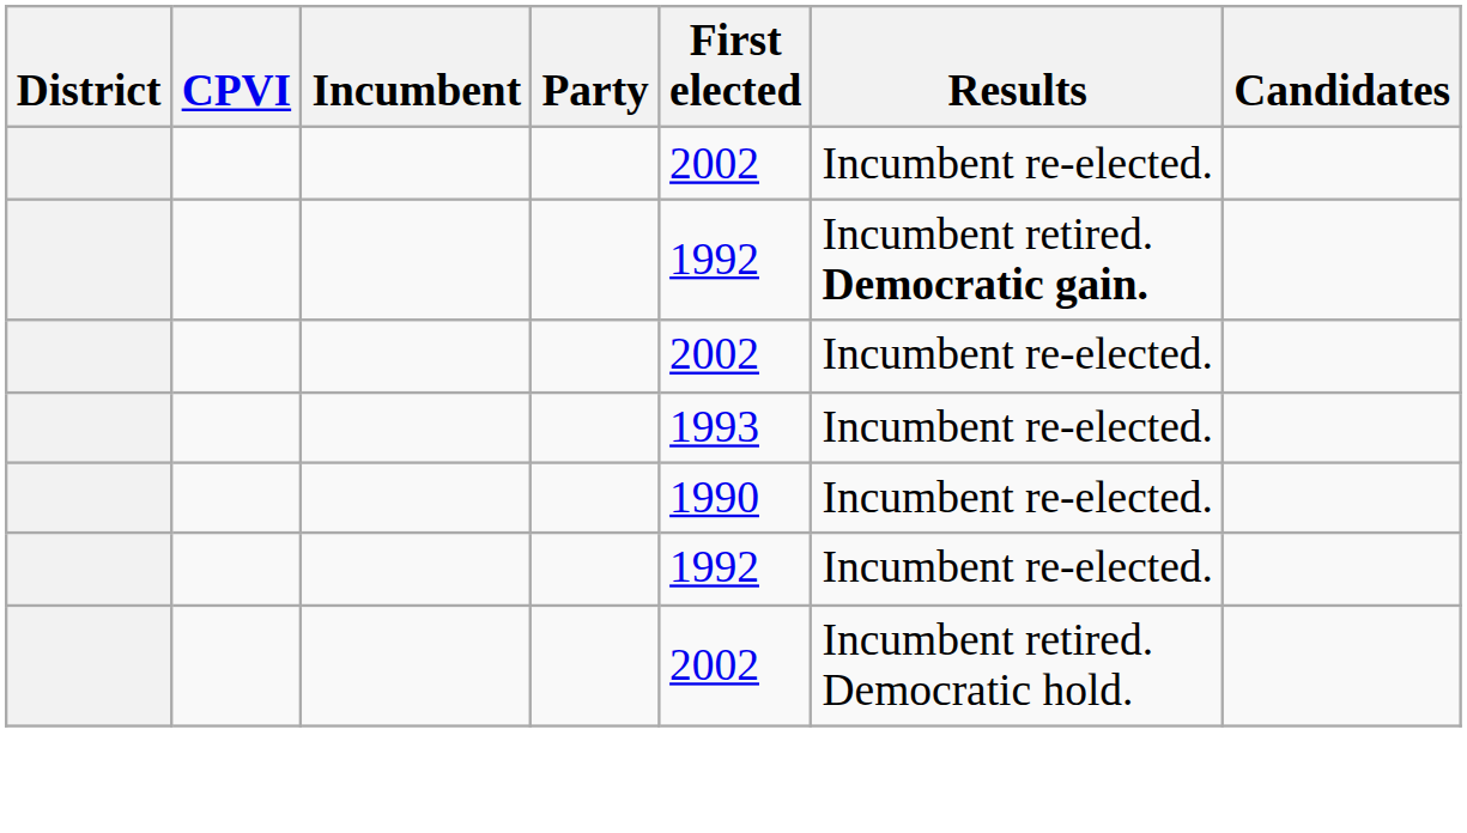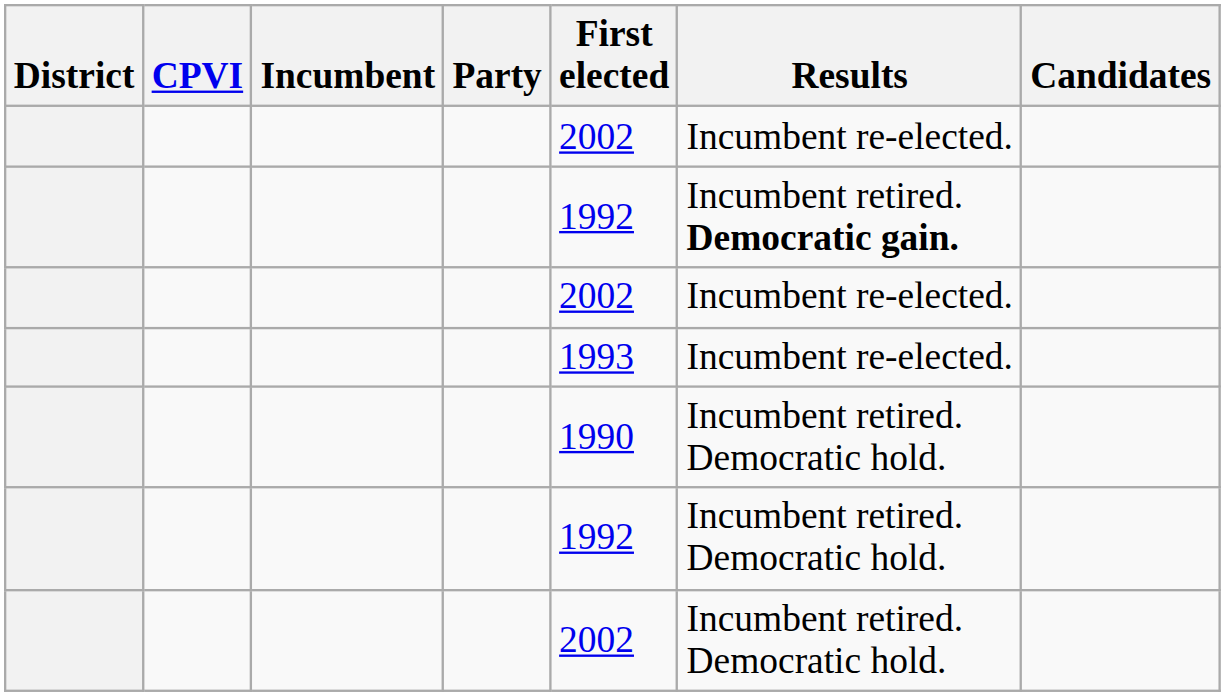 <table class="wikitable sortable">
 <tr valign=bottom>
 <th>District</th>
 <th><a href='#'>CPVI</a></th>
 <th>Incumbent</th>
 <th>Party</th>
 <th>First<br>elected</th>
 <th>Results</th>
 <th>Candidates</th>
 </tr>
 <tr>
 <th></th>
 <td></td>
 <td></td>
 <td></td>
 <td><a href='#'>2002</a></td>
 <td>Incumbent re-elected.</td>
 <td nowrap></td>
 </tr>
 <tr>
 <th></th>
 <td></td>
 <td></td>
 <td></td>
 <td><a href='#'>1992</a></td>
 <td>Incumbent retired.<br><strong>Democratic gain.</strong></td>
 <td nowrap></td>
 </tr>
 <tr>
 <th></th>
 <td></td>
 <td></td>
 <td></td>
 <td><a href='#'>2002</a></td>
 <td>Incumbent re-elected.</td>
 <td nowrap></td>
 </tr>
 <tr>
 <th></th>
 <td></td>
 <td></td>
 <td></td>
 <td><a href='#'>1993</a></td>
 <td>Incumbent re-elected.</td>
 <td nowrap></td>
 </tr>
 <tr>
 <th></th>
 <td></td>
 <td></td>
 <td></td>
 <td><a href='#'>1990</a></td>
-<td>Incumbent re-elected.</td>
+<td>Incumbent retired.<br>Democratic hold.</td>
 <td nowrap></td>
 </tr>
 <tr>
 <th></th>
 <td></td>
 <td></td>
 <td></td>
 <td><a href='#'>1992</a></td>
-<td>Incumbent re-elected.</td>
+<td>Incumbent retired.<br>Democratic hold.</td>
 <td nowrap></td>
 </tr>
 <tr>
 <th></th>
 <td></td>
 <td></td>
 <td></td>
 <td><a href='#'>2002</a></td>
 <td>Incumbent retired.<br>Democratic hold.</td>
 <td nowrap></td>
 </tr>
 </table>
